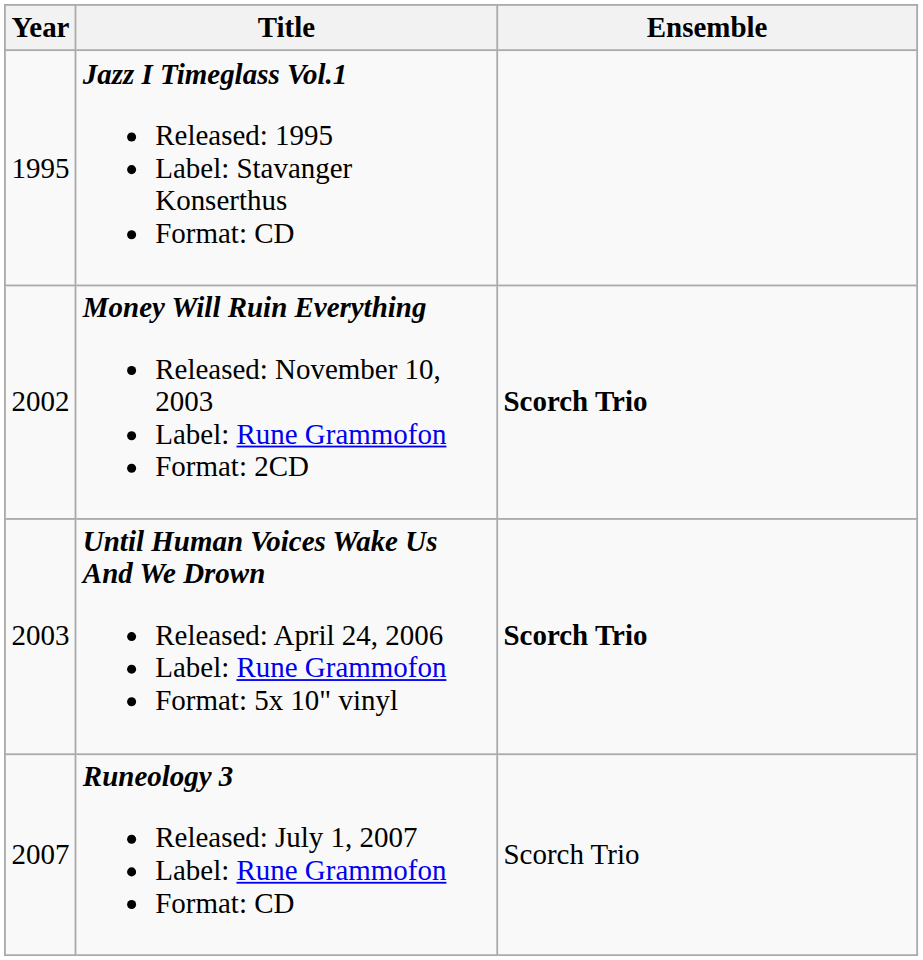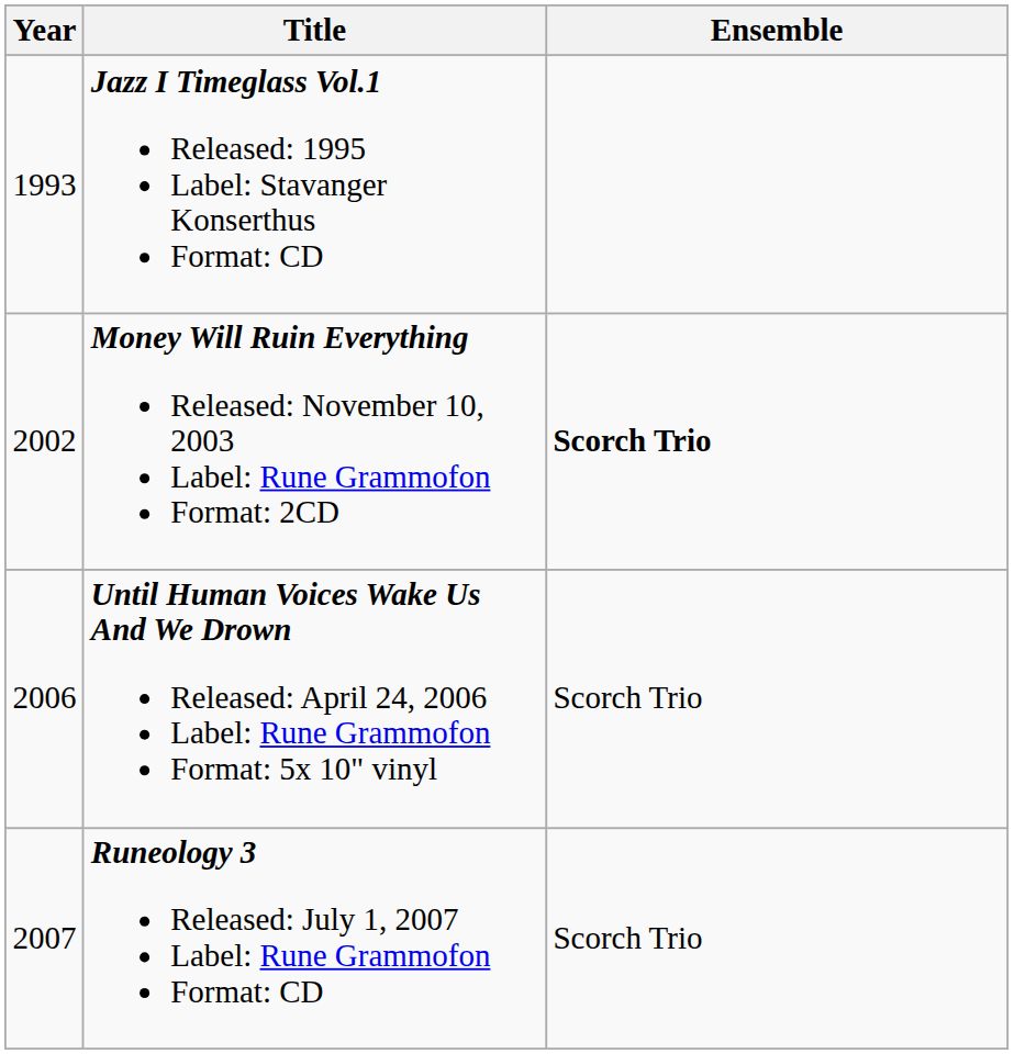 <table class="wikitable">
 <tr>
 <th>Year</th>
 <th style="width:225px;">Title</th>
 <th style="width:225px;">Ensemble</th>
 </tr>
 <tr>
-<td>1995</td>
+<td>1993</td>
 <td><strong><em>Jazz I Timeglass Vol.1</em></strong><br><ul><li>Released: 1995</li><li>Label: Stavanger Konserthus </li><li>Format: CD</li></ul></td>
 </tr>
 <tr>
 <td>2002</td>
 <td style="width:225px;"><strong><em>Money Will Ruin Everything</em></strong><br><ul><li>Released: November 10, 2003</li><li>Label: <a href='#'>Rune Grammofon</a> </li><li>Format: 2CD</li></ul></td>
 <td><strong>Scorch Trio</strong></td>
 </tr>
 <tr>
-<td>2003</td>
+<td>2006</td>
 <td style="width:225px;"><strong><em>Until Human Voices Wake Us And We Drown</em></strong><br><ul><li>Released: April 24, 2006</li><li>Label: <a href='#'>Rune Grammofon</a> </li><li>Format: 5x 10" vinyl</li></ul></td>
-<td><strong>Scorch Trio</strong></td>
+<td>Scorch Trio</td>
 </tr>
 <tr>
 <td>2007</td>
 <td style="width:225px;"><strong><em>Runeology 3</em></strong><br><ul><li>Released: July 1, 2007</li><li>Label: <a href='#'>Rune Grammofon</a> </li><li>Format: CD</li></ul></td>
 <td>Scorch Trio</td>
 </tr>
 </table>
